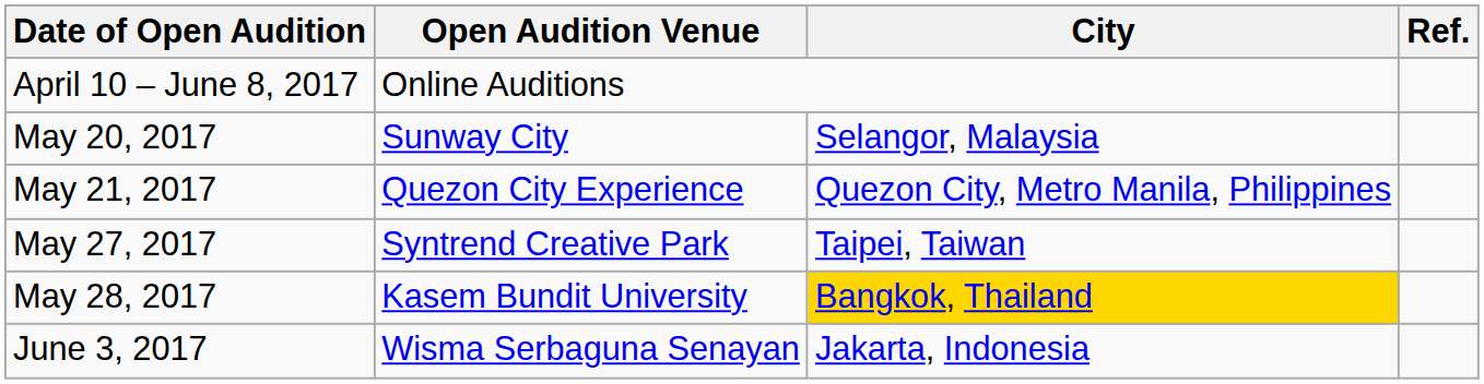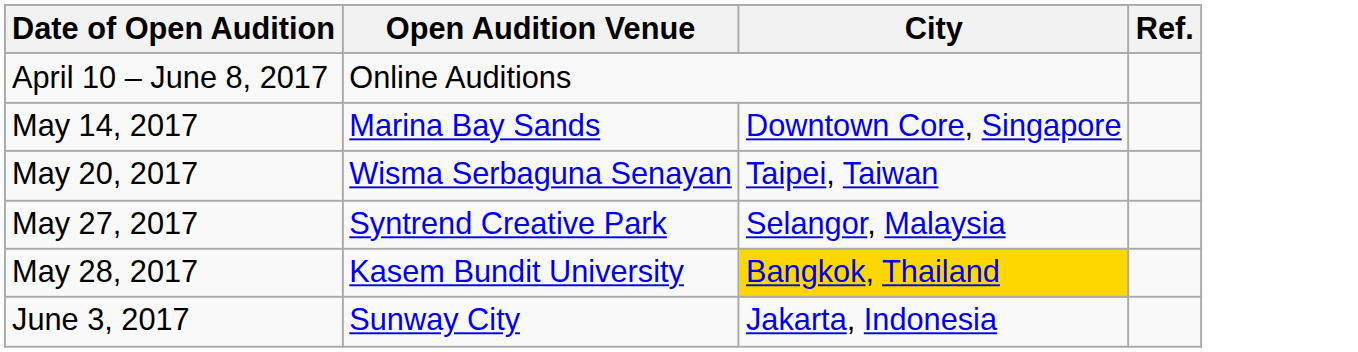 <table class="wikitable" width="auto">
 <tr>
 <th>Date of Open Audition</th>
 <th>Open Audition Venue</th>
 <th>City</th>
 <th>Ref.</th>
 </tr>
 <tr>
 <td>April 10 – June 8, 2017</td>
 <td colspan="2">Online Auditions</td>
 <td></td>
 </tr>
 <tr>
-<td>May 20, 2017</td>
-<td><a href='#'>Sunway City</a></td>
-<td><a href='#'>Selangor</a>, <a href='#'>Malaysia</a></td>
+<td>May 14, 2017</td>
+<td><a href='#'>Marina Bay Sands</a></td>
+<td><a href='#'>Downtown Core</a>, <a href='#'>Singapore</a></td>
 <td></td>
 </tr>
 <tr>
-<td>May 21, 2017</td>
-<td><a href='#'>Quezon City Experience</a></td>
-<td><a href='#'>Quezon City</a>, <a href='#'>Metro Manila</a>, <a href='#'>Philippines</a></td>
+<td>May 20, 2017</td>
+<td><a href='#'>Wisma Serbaguna Senayan</a></td>
+<td><a href='#'>Taipei</a>, <a href='#'>Taiwan</a></td>
 <td></td>
 </tr>
 <tr>
 <td>May 27, 2017</td>
 <td><a href='#'>Syntrend Creative Park</a></td>
-<td><a href='#'>Taipei</a>, <a href='#'>Taiwan</a></td>
+<td><a href='#'>Selangor</a>, <a href='#'>Malaysia</a></td>
 <td></td>
 </tr>
 <tr>
 <td>May 28, 2017</td>
 <td><a href='#'>Kasem Bundit University</a></td>
 <td style="background: gold;"><a href='#'>Bangkok</a>, <a href='#'>Thailand</a></td>
 <td></td>
 </tr>
 <tr>
 <td>June 3, 2017</td>
-<td><a href='#'>Wisma Serbaguna Senayan</a></td>
+<td><a href='#'>Sunway City</a></td>
 <td><a href='#'>Jakarta</a>, <a href='#'>Indonesia</a></td>
 <td></td>
 </tr>
 </table>
